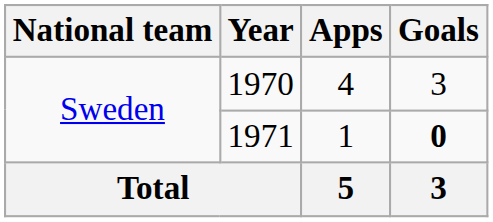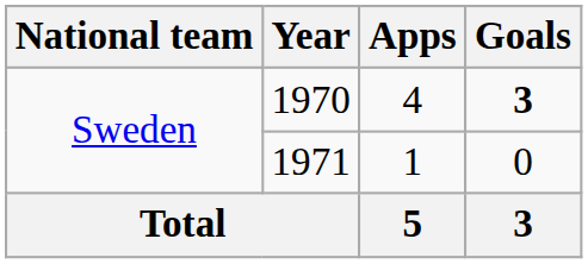 <table class="wikitable" style="text-align:center">
 <tr>
 <th>National team</th>
 <th>Year</th>
 <th>Apps</th>
 <th>Goals</th>
 </tr>
 <tr>
 <td rowspan="2"><a href='#'>Sweden</a></td>
 <td>1970</td>
 <td>4</td>
-<td>3</td>
+<td><strong>3</strong></td>
 </tr>
 <tr>
 <td>1971</td>
 <td>1</td>
-<td><strong>0</strong></td>
+<td>0</td>
 </tr>
 <tr>
 <th colspan="2">Total</th>
 <th>5</th>
 <th>3</th>
 </tr>
 </table>
